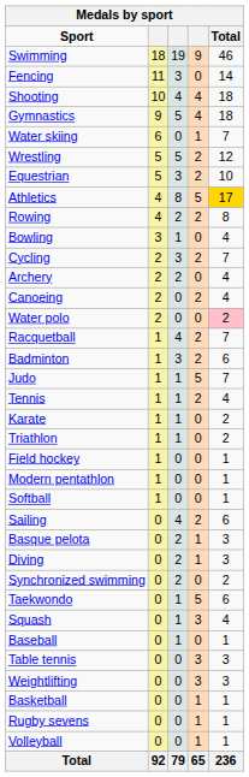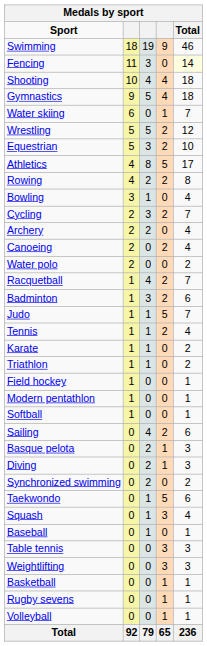 <table class="wikitable"  style="float:right">
 <tr>
 <th colspan=5>Medals by sport</th>
 </tr>
 <tr align=center>
 <td><strong>Sport</strong></td>
 <th bgcolor=#f7f6a8></th>
 <th bgcolor=#dce5e5></th>
 <th bgcolor=#ffdab9></th>
 <th>Total</th>
 </tr>
 <tr align=center>
 <td align=left><a href='#'>Swimming</a></td>
 <td bgcolor=#f7f6a8>18</td>
 <td bgcolor=#dce5e5>19</td>
 <td bgcolor=#ffdab9>9</td>
 <td>46</td>
 </tr>
 <tr align=center>
 <td align=left><a href='#'>Fencing</a></td>
 <td bgcolor=#f7f6a8>11</td>
 <td bgcolor=#dce5e5>3</td>
 <td bgcolor=#ffdab9>0</td>
-<td>14</td>
+<td style="background: lightyellow;">14</td>
 </tr>
 <tr align=center>
 <td align=left><a href='#'>Shooting</a></td>
 <td bgcolor=#f7f6a8>10</td>
 <td bgcolor=#dce5e5>4</td>
 <td bgcolor=#ffdab9>4</td>
 <td>18</td>
 </tr>
 <tr align=center>
 <td align=left><a href='#'>Gymnastics</a></td>
 <td bgcolor=#f7f6a8>9</td>
 <td bgcolor=#dce5e5>5</td>
 <td bgcolor=#ffdab9>4</td>
 <td>18</td>
 </tr>
 <tr align=center>
 <td align=left><a href='#'>Water skiing</a></td>
 <td bgcolor=#f7f6a8>6</td>
 <td bgcolor=#dce5e5>0</td>
 <td bgcolor=#ffdab9>1</td>
 <td>7</td>
 </tr>
 <tr align=center>
 <td align=left><a href='#'>Wrestling</a></td>
 <td bgcolor=#f7f6a8>5</td>
 <td bgcolor=#dce5e5>5</td>
 <td bgcolor=#ffdab9>2</td>
 <td>12</td>
 </tr>
 <tr align=center>
 <td align=left><a href='#'>Equestrian</a></td>
 <td bgcolor=#f7f6a8>5</td>
 <td bgcolor=#dce5e5>3</td>
 <td bgcolor=#ffdab9>2</td>
 <td>10</td>
 </tr>
 <tr align=center>
 <td align=left><a href='#'>Athletics</a></td>
 <td bgcolor=#f7f6a8>4</td>
 <td bgcolor=#dce5e5>8</td>
 <td bgcolor=#ffdab9>5</td>
-<td style="background: gold;">17</td>
+<td>17</td>
 </tr>
 <tr align=center>
 <td align=left><a href='#'>Rowing</a></td>
 <td bgcolor=#f7f6a8>4</td>
 <td bgcolor=#dce5e5>2</td>
 <td bgcolor=#ffdab9>2</td>
 <td>8</td>
 </tr>
 <tr align=center>
 <td align=left><a href='#'>Bowling</a></td>
 <td bgcolor=#f7f6a8>3</td>
 <td bgcolor=#dce5e5>1</td>
 <td bgcolor=#ffdab9>0</td>
 <td>4</td>
 </tr>
 <tr align=center>
 <td align=left><a href='#'>Cycling</a></td>
 <td bgcolor=#f7f6a8>2</td>
 <td bgcolor=#dce5e5>3</td>
 <td bgcolor=#ffdab9>2</td>
 <td>7</td>
 </tr>
 <tr align=center>
 <td align=left><a href='#'>Archery</a></td>
 <td bgcolor=#f7f6a8>2</td>
 <td bgcolor=#dce5e5>2</td>
 <td bgcolor=#ffdab9>0</td>
 <td>4</td>
 </tr>
 <tr align=center>
 <td align=left><a href='#'>Canoeing</a></td>
 <td bgcolor=#f7f6a8>2</td>
 <td bgcolor=#dce5e5>0</td>
 <td bgcolor=#ffdab9>2</td>
 <td>4</td>
 </tr>
 <tr align=center>
 <td align=left><a href='#'>Water polo</a></td>
 <td bgcolor=#f7f6a8>2</td>
 <td bgcolor=#dce5e5>0</td>
 <td bgcolor=#ffdab9>0</td>
-<td style="background: pink;">2</td>
+<td>2</td>
 </tr>
 <tr align=center>
 <td align=left><a href='#'>Racquetball</a></td>
 <td bgcolor=#f7f6a8>1</td>
 <td bgcolor=#dce5e5>4</td>
 <td bgcolor=#ffdab9>2</td>
 <td>7</td>
 </tr>
 <tr align=center>
 <td align=left><a href='#'>Badminton</a></td>
 <td bgcolor=#f7f6a8>1</td>
 <td bgcolor=#dce5e5>3</td>
 <td bgcolor=#ffdab9>2</td>
 <td>6</td>
 </tr>
 <tr align=center>
 <td align=left><a href='#'>Judo</a></td>
 <td bgcolor=#f7f6a8>1</td>
 <td bgcolor=#dce5e5>1</td>
 <td bgcolor=#ffdab9>5</td>
 <td>7</td>
 </tr>
 <tr align=center>
 <td align=left><a href='#'>Tennis</a></td>
 <td bgcolor=#f7f6a8>1</td>
 <td bgcolor=#dce5e5>1</td>
 <td bgcolor=#ffdab9>2</td>
 <td>4</td>
 </tr>
 <tr align=center>
 <td align=left><a href='#'>Karate</a></td>
 <td bgcolor=#f7f6a8>1</td>
 <td bgcolor=#dce5e5>1</td>
 <td bgcolor=#ffdab9>0</td>
 <td>2</td>
 </tr>
 <tr align=center>
 <td align=left><a href='#'>Triathlon</a></td>
 <td bgcolor=#f7f6a8>1</td>
 <td bgcolor=#dce5e5>1</td>
 <td bgcolor=#ffdab9>0</td>
 <td>2</td>
 </tr>
 <tr align=center>
 <td align=left><a href='#'>Field hockey</a></td>
 <td bgcolor=#f7f6a8>1</td>
 <td bgcolor=#dce5e5>0</td>
 <td bgcolor=#ffdab9>0</td>
 <td>1</td>
 </tr>
 <tr align=center>
 <td align=left><a href='#'>Modern pentathlon</a></td>
 <td bgcolor=#f7f6a8>1</td>
 <td bgcolor=#dce5e5>0</td>
 <td bgcolor=#ffdab9>0</td>
 <td>1</td>
 </tr>
 <tr align=center>
 <td align=left><a href='#'>Softball</a></td>
 <td bgcolor=#f7f6a8>1</td>
 <td bgcolor=#dce5e5>0</td>
 <td bgcolor=#ffdab9>0</td>
 <td>1</td>
 </tr>
 <tr align=center>
 <td align=left><a href='#'>Sailing</a></td>
 <td bgcolor=#f7f6a8>0</td>
 <td bgcolor=#dce5e5>4</td>
 <td bgcolor=#ffdab9>2</td>
 <td>6</td>
 </tr>
 <tr align=center>
 <td align=left><a href='#'>Basque pelota</a></td>
 <td bgcolor=#f7f6a8>0</td>
 <td bgcolor=#dce5e5>2</td>
 <td bgcolor=#ffdab9>1</td>
 <td>3</td>
 </tr>
 <tr align=center>
 <td align=left><a href='#'>Diving</a></td>
 <td bgcolor=#f7f6a8>0</td>
 <td bgcolor=#dce5e5>2</td>
 <td bgcolor=#ffdab9>1</td>
 <td>3</td>
 </tr>
 <tr align=center>
 <td align=left><a href='#'>Synchronized swimming</a></td>
 <td bgcolor=#f7f6a8>0</td>
 <td bgcolor=#dce5e5>2</td>
 <td bgcolor=#ffdab9>0</td>
 <td>2</td>
 </tr>
 <tr align=center>
 <td align=left><a href='#'>Taekwondo</a></td>
 <td bgcolor=#f7f6a8>0</td>
 <td bgcolor=#dce5e5>1</td>
 <td bgcolor=#ffdab9>5</td>
 <td>6</td>
 </tr>
 <tr align=center>
 <td align=left><a href='#'>Squash</a></td>
 <td bgcolor=#f7f6a8>0</td>
 <td bgcolor=#dce5e5>1</td>
 <td bgcolor=#ffdab9>3</td>
 <td>4</td>
 </tr>
 <tr align=center>
 <td align=left><a href='#'>Baseball</a></td>
 <td bgcolor=#f7f6a8>0</td>
 <td bgcolor=#dce5e5>1</td>
 <td bgcolor=#ffdab9>0</td>
 <td>1</td>
 </tr>
 <tr align=center>
 <td align=left><a href='#'>Table tennis</a></td>
 <td bgcolor=#f7f6a8>0</td>
 <td bgcolor=#dce5e5>0</td>
 <td bgcolor=#ffdab9>3</td>
 <td>3</td>
 </tr>
 <tr align=center>
 <td align=left><a href='#'>Weightlifting</a></td>
 <td bgcolor=#f7f6a8>0</td>
 <td bgcolor=#dce5e5>0</td>
 <td bgcolor=#ffdab9>3</td>
 <td>3</td>
 </tr>
 <tr align=center>
 <td align=left><a href='#'>Basketball</a></td>
 <td bgcolor=#f7f6a8>0</td>
 <td bgcolor=#dce5e5>0</td>
 <td bgcolor=#ffdab9>1</td>
 <td>1</td>
 </tr>
 <tr align=center>
 <td align=left><a href='#'>Rugby sevens</a></td>
 <td bgcolor=#f7f6a8>0</td>
 <td bgcolor=#dce5e5>0</td>
 <td bgcolor=#ffdab9>1</td>
 <td>1</td>
 </tr>
 <tr align=center>
 <td align=left><a href='#'>Volleyball</a></td>
 <td bgcolor=#f7f6a8>0</td>
 <td bgcolor=#dce5e5>0</td>
 <td bgcolor=#ffdab9>1</td>
 <td>1</td>
 </tr>
 <tr align=center>
 <th bgcolor=#efefef>Total</th>
 <th bgcolor=#f7f6a8>92</th>
 <th bgcolor=#dce5e5>79</th>
 <th bgcolor=#ffdab9>65</th>
 <th>236</th>
 </tr>
 </table>
